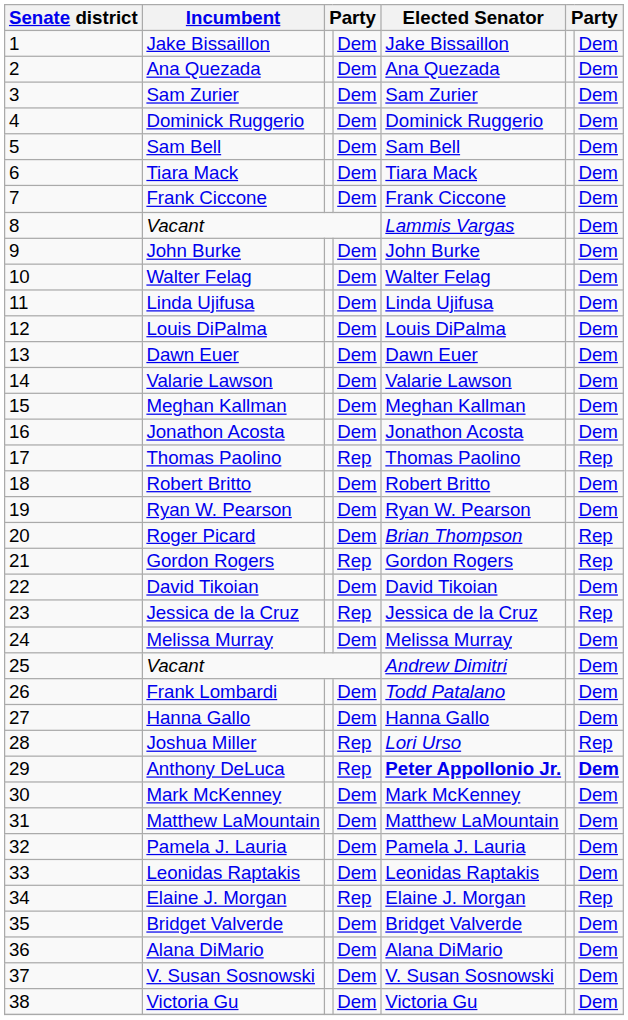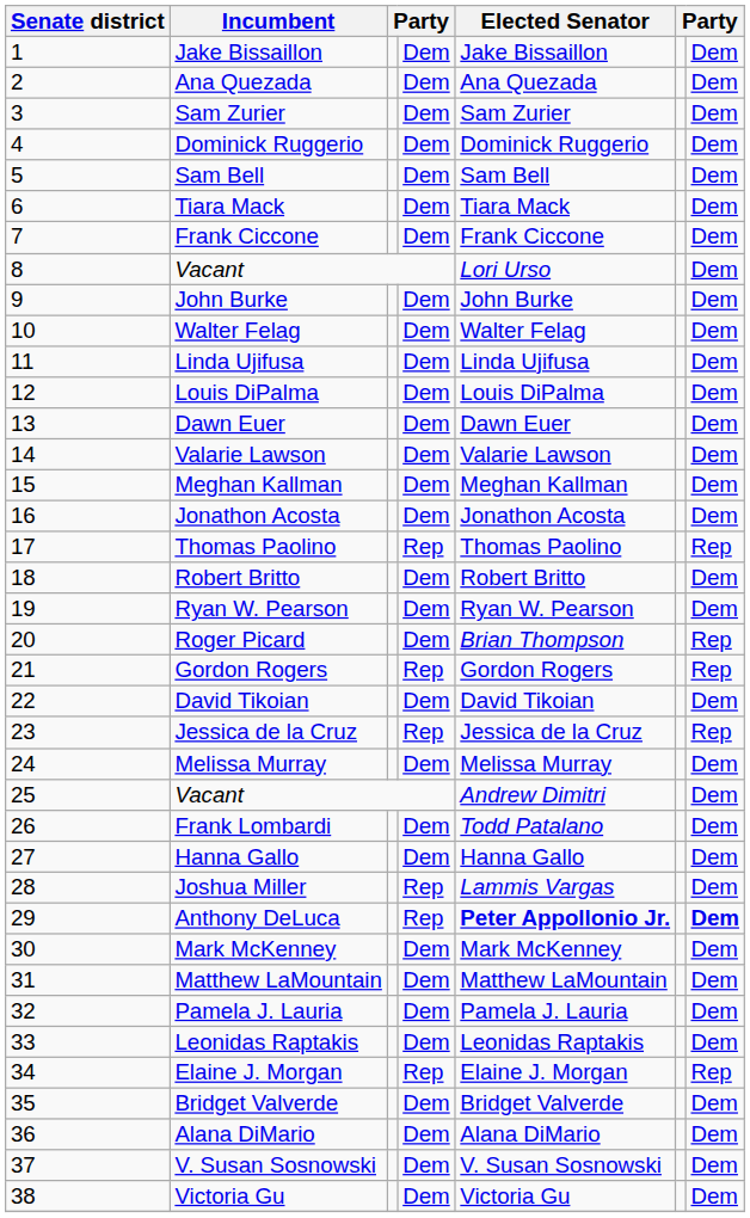 <table class="sortable wikitable" style="font-size:95%;line-height:14px;">
 <tr>
 <th colspan="1" class="sortable"><a href='#'>Senate</a> district</th>
 <th class="unsortable"><a href='#'>Incumbent</a></th>
 <th colspan="2">Party</th>
 <th class="unsortable">Elected Senator</th>
 <th colspan="2">Party</th>
 </tr>
 <tr>
 <td>1</td>
 <td><a href='#'>Jake Bissaillon</a></td>
 <td style="background:"></td>
 <td><a href='#'>Dem</a></td>
 <td><a href='#'>Jake Bissaillon</a></td>
 <td style="background:"></td>
 <td><a href='#'>Dem</a></td>
 </tr>
 <tr>
 <td>2</td>
 <td><a href='#'>Ana Quezada</a></td>
 <td style="background:"></td>
 <td><a href='#'>Dem</a></td>
 <td><a href='#'>Ana Quezada</a></td>
 <td style="background:"></td>
 <td><a href='#'>Dem</a></td>
 </tr>
 <tr>
 <td>3</td>
 <td><a href='#'>Sam Zurier</a></td>
 <td style="background:"></td>
 <td><a href='#'>Dem</a></td>
 <td><a href='#'>Sam Zurier</a></td>
 <td style="background:"></td>
 <td><a href='#'>Dem</a></td>
 </tr>
 <tr>
 <td>4</td>
 <td><a href='#'>Dominick Ruggerio</a></td>
 <td style="background:"></td>
 <td><a href='#'>Dem</a></td>
 <td><a href='#'>Dominick Ruggerio</a></td>
 <td style="background:"></td>
 <td><a href='#'>Dem</a></td>
 </tr>
 <tr>
 <td>5</td>
 <td><a href='#'>Sam Bell</a></td>
 <td style="background:"></td>
 <td><a href='#'>Dem</a></td>
 <td><a href='#'>Sam Bell</a></td>
 <td style="background:"></td>
 <td><a href='#'>Dem</a></td>
 </tr>
 <tr>
 <td>6</td>
 <td><a href='#'>Tiara Mack</a></td>
 <td style="background:"></td>
 <td><a href='#'>Dem</a></td>
 <td><a href='#'>Tiara Mack</a></td>
 <td style="background:"></td>
 <td><a href='#'>Dem</a></td>
 </tr>
 <tr>
 <td>7</td>
 <td><a href='#'>Frank Ciccone</a></td>
 <td style="background:"></td>
 <td><a href='#'>Dem</a></td>
 <td><a href='#'>Frank Ciccone</a></td>
 <td style="background:"></td>
 <td><a href='#'>Dem</a></td>
 </tr>
 <tr>
 <td>8</td>
 <td colspan=3><em>Vacant</em></td>
-<td><em><a href='#'>Lammis Vargas</a></em></td>
+<td><em><a href='#'>Lori Urso</a></em></td>
 <td style="background:"></td>
 <td><a href='#'>Dem</a></td>
 </tr>
 <tr>
 <td>9</td>
 <td><a href='#'>John Burke</a></td>
 <td style="background:"></td>
 <td><a href='#'>Dem</a></td>
 <td><a href='#'>John Burke</a></td>
 <td style="background:"></td>
 <td><a href='#'>Dem</a></td>
 </tr>
 <tr>
 <td>10</td>
 <td><a href='#'>Walter Felag</a></td>
 <td style="background:"></td>
 <td><a href='#'>Dem</a></td>
 <td><a href='#'>Walter Felag</a></td>
 <td style="background:"></td>
 <td><a href='#'>Dem</a></td>
 </tr>
 <tr>
 <td>11</td>
 <td><a href='#'>Linda Ujifusa</a></td>
 <td style="background:"></td>
 <td><a href='#'>Dem</a></td>
 <td><a href='#'>Linda Ujifusa</a></td>
 <td style="background:"></td>
 <td><a href='#'>Dem</a></td>
 </tr>
 <tr>
 <td>12</td>
 <td><a href='#'>Louis DiPalma</a></td>
 <td style="background:"></td>
 <td><a href='#'>Dem</a></td>
 <td><a href='#'>Louis DiPalma</a></td>
 <td style="background:"></td>
 <td><a href='#'>Dem</a></td>
 </tr>
 <tr>
 <td>13</td>
 <td><a href='#'>Dawn Euer</a></td>
 <td style="background:"></td>
 <td><a href='#'>Dem</a></td>
 <td><a href='#'>Dawn Euer</a></td>
 <td style="background:"></td>
 <td><a href='#'>Dem</a></td>
 </tr>
 <tr>
 <td>14</td>
 <td><a href='#'>Valarie Lawson</a></td>
 <td style="background:"></td>
 <td><a href='#'>Dem</a></td>
 <td><a href='#'>Valarie Lawson</a></td>
 <td style="background:"></td>
 <td><a href='#'>Dem</a></td>
 </tr>
 <tr>
 <td>15</td>
 <td><a href='#'>Meghan Kallman</a></td>
 <td style="background:"></td>
 <td><a href='#'>Dem</a></td>
 <td><a href='#'>Meghan Kallman</a></td>
 <td style="background:"></td>
 <td><a href='#'>Dem</a></td>
 </tr>
 <tr>
 <td>16</td>
 <td><a href='#'>Jonathon Acosta</a></td>
 <td style="background:"></td>
 <td><a href='#'>Dem</a></td>
 <td><a href='#'>Jonathon Acosta</a></td>
 <td style="background:"></td>
 <td><a href='#'>Dem</a></td>
 </tr>
 <tr>
 <td>17</td>
 <td><a href='#'>Thomas Paolino</a></td>
 <td style="background:"></td>
 <td><a href='#'>Rep</a></td>
 <td><a href='#'>Thomas Paolino</a></td>
 <td style="background:"></td>
 <td><a href='#'>Rep</a></td>
 </tr>
 <tr>
 <td>18</td>
 <td><a href='#'>Robert Britto</a></td>
 <td style="background:"></td>
 <td><a href='#'>Dem</a></td>
 <td><a href='#'>Robert Britto</a></td>
 <td style="background:"></td>
 <td><a href='#'>Dem</a></td>
 </tr>
 <tr>
 <td>19</td>
 <td><a href='#'>Ryan W. Pearson</a></td>
 <td style="background:"></td>
 <td><a href='#'>Dem</a></td>
 <td><a href='#'>Ryan W. Pearson</a></td>
 <td style="background:"></td>
 <td><a href='#'>Dem</a></td>
 </tr>
 <tr>
 <td>20</td>
 <td><a href='#'>Roger Picard</a></td>
 <td style="background:"></td>
 <td><a href='#'>Dem</a></td>
 <td><em><a href='#'>Brian Thompson</a></em></td>
 <td style="background:"></td>
 <td><a href='#'>Rep</a></td>
 </tr>
 <tr>
 <td>21</td>
 <td><a href='#'>Gordon Rogers</a></td>
 <td style="background:"></td>
 <td><a href='#'>Rep</a></td>
 <td><a href='#'>Gordon Rogers</a></td>
 <td style="background:"></td>
 <td><a href='#'>Rep</a></td>
 </tr>
 <tr>
 <td>22</td>
 <td><a href='#'>David Tikoian</a></td>
 <td style="background:"></td>
 <td><a href='#'>Dem</a></td>
 <td><a href='#'>David Tikoian</a></td>
 <td style="background:"></td>
 <td><a href='#'>Dem</a></td>
 </tr>
 <tr>
 <td>23</td>
 <td><a href='#'>Jessica de la Cruz</a></td>
 <td style="background:"></td>
 <td><a href='#'>Rep</a></td>
 <td><a href='#'>Jessica de la Cruz</a></td>
 <td style="background:"></td>
 <td><a href='#'>Rep</a></td>
 </tr>
 <tr>
 <td>24</td>
 <td><a href='#'>Melissa Murray</a></td>
 <td style="background:"></td>
 <td><a href='#'>Dem</a></td>
 <td><a href='#'>Melissa Murray</a></td>
 <td style="background:"></td>
 <td><a href='#'>Dem</a></td>
 </tr>
 <tr>
 <td>25</td>
 <td colspan=3><em>Vacant</em></td>
 <td><em><a href='#'>Andrew Dimitri</a></em></td>
 <td style="background:"></td>
 <td><a href='#'>Dem</a></td>
 </tr>
 <tr>
 <td>26</td>
 <td><a href='#'>Frank Lombardi</a></td>
 <td style="background:"></td>
 <td><a href='#'>Dem</a></td>
 <td><em><a href='#'>Todd Patalano</a></em></td>
 <td style="background:"></td>
 <td><a href='#'>Dem</a></td>
 </tr>
 <tr>
 <td>27</td>
 <td><a href='#'>Hanna Gallo</a></td>
 <td style="background:"></td>
 <td><a href='#'>Dem</a></td>
 <td><a href='#'>Hanna Gallo</a></td>
 <td style="background:"></td>
 <td><a href='#'>Dem</a></td>
 </tr>
 <tr>
 <td>28</td>
 <td><a href='#'>Joshua Miller</a></td>
 <td style="background:"></td>
 <td><a href='#'>Rep</a></td>
-<td><em><a href='#'>Lori Urso</a></em></td>
+<td><em><a href='#'>Lammis Vargas</a></em></td>
 <td style="background:"></td>
-<td><a href='#'>Rep</a></td>
+<td><a href='#'>Dem</a></td>
 </tr>
 <tr>
 <td>29</td>
 <td><a href='#'>Anthony DeLuca</a></td>
 <td style="background:"></td>
 <td><a href='#'>Rep</a></td>
 <td><strong><a href='#'>Peter Appollonio Jr.</a></strong></td>
 <td style="background:"></td>
 <td><strong><a href='#'>Dem</a></strong></td>
 </tr>
 <tr>
 <td>30</td>
 <td><a href='#'>Mark McKenney</a></td>
 <td style="background:"></td>
 <td><a href='#'>Dem</a></td>
 <td><a href='#'>Mark McKenney</a></td>
 <td style="background:"></td>
 <td><a href='#'>Dem</a></td>
 </tr>
 <tr>
 <td>31</td>
 <td><a href='#'>Matthew LaMountain</a></td>
 <td style="background:"></td>
 <td><a href='#'>Dem</a></td>
 <td><a href='#'>Matthew LaMountain</a></td>
 <td style="background:"></td>
 <td><a href='#'>Dem</a></td>
 </tr>
 <tr>
 <td>32</td>
 <td><a href='#'>Pamela J. Lauria</a></td>
 <td style="background:"></td>
 <td><a href='#'>Dem</a></td>
 <td><a href='#'>Pamela J. Lauria</a></td>
 <td style="background:"></td>
 <td><a href='#'>Dem</a></td>
 </tr>
 <tr>
 <td>33</td>
 <td><a href='#'>Leonidas Raptakis</a></td>
 <td style="background:"></td>
 <td><a href='#'>Dem</a></td>
 <td><a href='#'>Leonidas Raptakis</a></td>
 <td style="background:"></td>
 <td><a href='#'>Dem</a></td>
 </tr>
 <tr>
 <td>34</td>
 <td><a href='#'>Elaine J. Morgan</a></td>
 <td style="background:"></td>
 <td><a href='#'>Rep</a></td>
 <td><a href='#'>Elaine J. Morgan</a></td>
 <td style="background:"></td>
 <td><a href='#'>Rep</a></td>
 </tr>
 <tr>
 <td>35</td>
 <td><a href='#'>Bridget Valverde</a></td>
 <td style="background:"></td>
 <td><a href='#'>Dem</a></td>
 <td><a href='#'>Bridget Valverde</a></td>
 <td style="background:"></td>
 <td><a href='#'>Dem</a></td>
 </tr>
 <tr>
 <td>36</td>
 <td><a href='#'>Alana DiMario</a></td>
 <td style="background:"></td>
 <td><a href='#'>Dem</a></td>
 <td><a href='#'>Alana DiMario</a></td>
 <td style="background:"></td>
 <td><a href='#'>Dem</a></td>
 </tr>
 <tr>
 <td>37</td>
 <td><a href='#'>V. Susan Sosnowski</a></td>
 <td style="background:"></td>
 <td><a href='#'>Dem</a></td>
 <td><a href='#'>V. Susan Sosnowski</a></td>
 <td style="background:"></td>
 <td><a href='#'>Dem</a></td>
 </tr>
 <tr>
 <td>38</td>
 <td><a href='#'>Victoria Gu</a></td>
 <td style="background:"></td>
 <td><a href='#'>Dem</a></td>
 <td><a href='#'>Victoria Gu</a></td>
 <td style="background:"></td>
 <td><a href='#'>Dem</a></td>
 </tr>
 <tr>
 </tr>
 </table>
